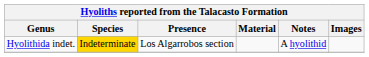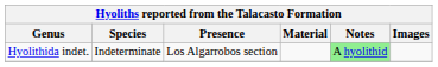 <table class="wikitable" align="center">
 <tr>
 <th colspan="6" align="center"><strong><a href='#'>Hyoliths</a> reported from the Talacasto Formation</strong></th>
 </tr>
 <tr>
 <th>Genus</th>
 <th>Species</th>
 <th>Presence</th>
 <th><strong>Material</strong></th>
 <th>Notes</th>
 <th>Images</th>
 </tr>
 <tr>
 <td><a href='#'>Hyolithida</a> indet.</td>
-<td style="background: gold;">Indeterminate</td>
+<td>Indeterminate</td>
 <td>Los Algarrobos section</td>
 <td></td>
-<td>A <a href='#'>hyolithid</a></td>
+<td style="background: lightgreen;">A <a href='#'>hyolithid</a></td>
 <td></td>
 </tr>
 <tr>
 </tr>
 </table>
